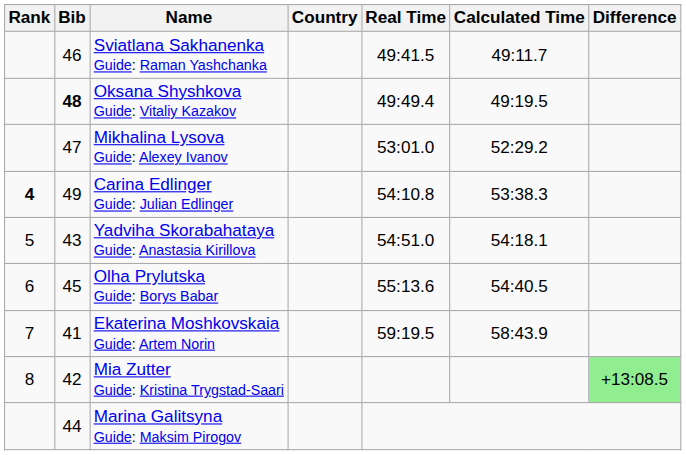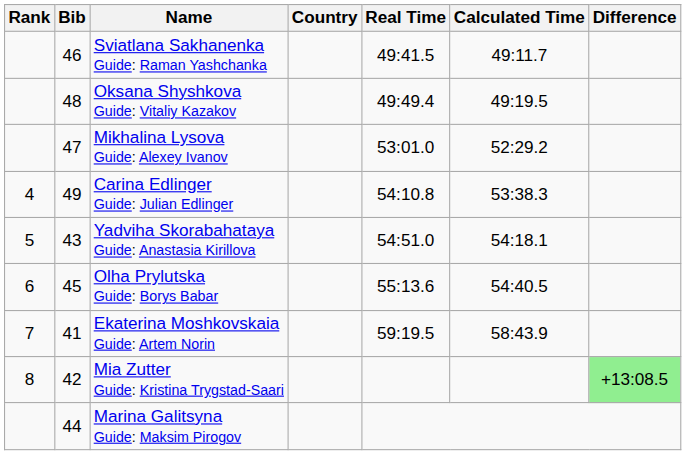 <table class="wikitable sortable" style="text-align:center">
 <tr>
 <th>Rank</th>
 <th>Bib</th>
 <th>Name</th>
 <th>Country</th>
 <th>Real Time</th>
 <th>Calculated Time</th>
 <th>Difference</th>
 </tr>
 <tr>
 <td></td>
 <td>46</td>
 <td align="left"><a href='#'>Sviatlana Sakhanenka</a><br><small><a href='#'>Guide</a>: <a href='#'>Raman Yashchanka</a></small></td>
 <td align="left"></td>
 <td>49:41.5</td>
 <td>49:11.7</td>
 <td></td>
 </tr>
 <tr>
 <td></td>
-<td><strong>48</strong></td>
+<td>48</td>
 <td align="left"><a href='#'>Oksana Shyshkova</a><br><small><a href='#'>Guide</a>: <a href='#'>Vitaliy Kazakov</a></small></td>
 <td align="left"></td>
 <td>49:49.4</td>
 <td>49:19.5</td>
 <td></td>
 </tr>
 <tr>
 <td></td>
 <td>47</td>
 <td align="left"><a href='#'>Mikhalina Lysova</a><br><small><a href='#'>Guide</a>: <a href='#'>Alexey Ivanov</a></small></td>
 <td align="left"></td>
 <td>53:01.0</td>
 <td>52:29.2</td>
 <td></td>
 </tr>
 <tr>
-<td><strong>4</strong></td>
+<td>4</td>
 <td>49</td>
 <td align="left"><a href='#'>Carina Edlinger</a><br><small><a href='#'>Guide</a>: <a href='#'>Julian Edlinger</a></small></td>
 <td align="left"></td>
 <td>54:10.8</td>
 <td>53:38.3</td>
 <td></td>
 </tr>
 <tr>
 <td>5</td>
 <td>43</td>
 <td align="left"><a href='#'>Yadviha Skorabahataya</a><br><small><a href='#'>Guide</a>: <a href='#'>Anastasia Kirillova</a></small></td>
 <td align="left"></td>
 <td>54:51.0</td>
 <td>54:18.1</td>
 <td></td>
 </tr>
 <tr>
 <td>6</td>
 <td>45</td>
 <td align="left"><a href='#'>Olha Prylutska</a><br><small><a href='#'>Guide</a>: <a href='#'>Borys Babar</a></small></td>
 <td align="left"></td>
 <td>55:13.6</td>
 <td>54:40.5</td>
 <td></td>
 </tr>
 <tr>
 <td>7</td>
 <td>41</td>
 <td align="left"><a href='#'>Ekaterina Moshkovskaia</a><br><small><a href='#'>Guide</a>: <a href='#'>Artem Norin</a></small></td>
 <td align="left"></td>
 <td>59:19.5</td>
 <td>58:43.9</td>
 <td></td>
 </tr>
 <tr>
 <td>8</td>
 <td>42</td>
 <td align="left"><a href='#'>Mia Zutter</a><br><small><a href='#'>Guide</a>: <a href='#'>Kristina Trygstad-Saari</a></small></td>
 <td align="left"></td>
 <td></td>
 <td></td>
 <td style="background: lightgreen;">+13:08.5</td>
 </tr>
 <tr>
 <td></td>
 <td>44</td>
 <td align="left"><a href='#'>Marina Galitsyna</a><br><small><a href='#'>Guide</a>: <a href='#'>Maksim Pirogov</a></small></td>
 <td align="left"></td>
 <td colspan="3"></td>
 </tr>
 </table>
